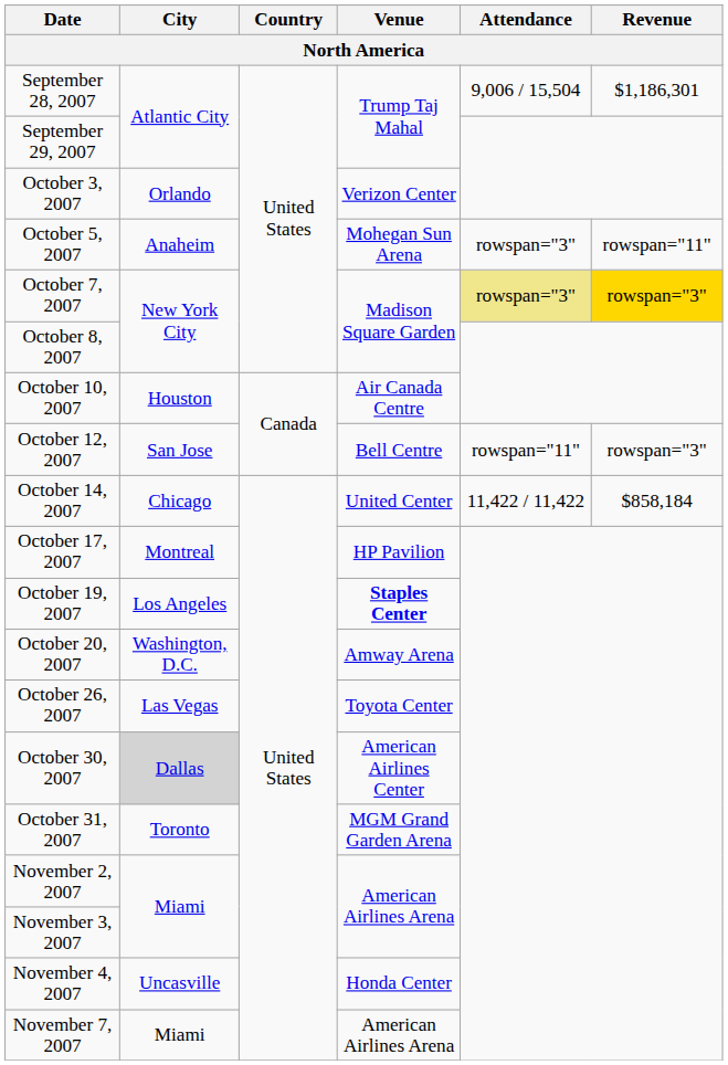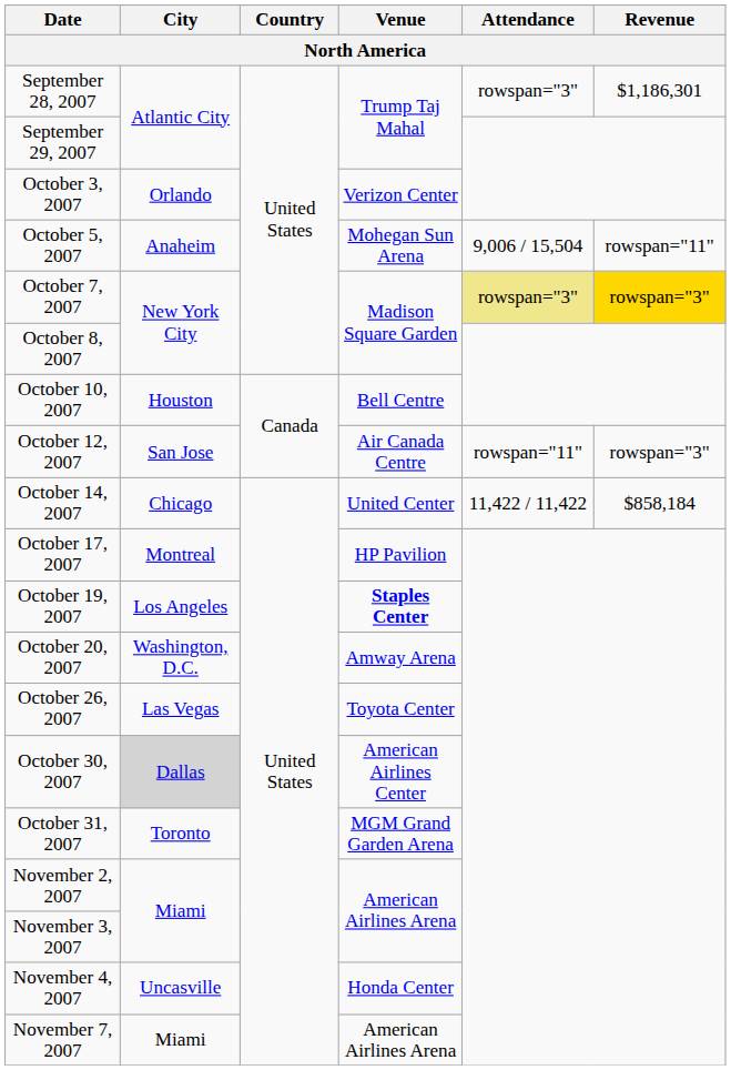 <table class="wikitable" style="text-align:center;">
 <tr>
 <th scope="col" style="width:12em;">Date</th>
 <th scope="col" style="width:10em;">City</th>
 <th scope="col" style="width:10em;">Country</th>
 <th scope="col" style="width:16em;">Venue</th>
 <th scope="col" style="width:10em;">Attendance</th>
 <th scope="col" style="width:10em;">Revenue</th>
 </tr>
 <tr>
 <th colspan="6">North America</th>
 </tr>
 <tr>
 <td>September 28, 2007</td>
 <td rowspan="2"><a href='#'>Atlantic City</a></td>
 <td rowspan="6">United States</td>
 <td rowspan="2"><a href='#'>Trump Taj Mahal</a></td>
-<td>9,006 / 15,504</td>
+<td>rowspan="3" </td>
 <td>$1,186,301</td>
 </tr>
 <tr>
 <td>September 29, 2007</td>
 </tr>
 <tr>
 <td>October 3, 2007</td>
 <td><a href='#'>Orlando</a></td>
 <td><a href='#'>Verizon Center</a></td>
 </tr>
 <tr>
 <td>October 5, 2007</td>
 <td><a href='#'>Anaheim</a></td>
 <td><a href='#'>Mohegan Sun Arena</a></td>
-<td>rowspan="3" </td>
+<td>9,006 / 15,504</td>
 <td>rowspan="11" </td>
 </tr>
 <tr>
 <td>October 7, 2007</td>
 <td rowspan="2"><a href='#'>New York City</a></td>
 <td rowspan="2"><a href='#'>Madison Square Garden</a></td>
 <td style="background: khaki;">rowspan="3" </td>
 <td style="background: gold;">rowspan="3" </td>
 </tr>
 <tr>
 <td>October 8, 2007</td>
 </tr>
 <tr>
 <td>October 10, 2007</td>
 <td><a href='#'>Houston</a></td>
 <td rowspan="2">Canada</td>
-<td><a href='#'>Air Canada Centre</a></td>
+<td><a href='#'>Bell Centre</a></td>
 </tr>
 <tr>
 <td>October 12, 2007</td>
 <td><a href='#'>San Jose</a></td>
-<td><a href='#'>Bell Centre</a></td>
+<td><a href='#'>Air Canada Centre</a></td>
 <td>rowspan="11" </td>
 <td>rowspan="3" </td>
 </tr>
 <tr>
 <td>October 14, 2007</td>
 <td><a href='#'>Chicago</a></td>
 <td rowspan="11">United States</td>
 <td><a href='#'>United Center</a></td>
 <td>11,422 / 11,422</td>
 <td>$858,184</td>
 </tr>
 <tr>
 <td>October 17, 2007</td>
 <td><a href='#'>Montreal</a></td>
 <td><a href='#'>HP Pavilion</a></td>
 </tr>
 <tr>
 <td>October 19, 2007</td>
 <td><a href='#'>Los Angeles</a></td>
 <td><strong><a href='#'>Staples Center</a></strong></td>
 </tr>
 <tr>
 <td>October 20, 2007</td>
 <td><a href='#'>Washington, D.C.</a></td>
 <td><a href='#'>Amway Arena</a></td>
 </tr>
 <tr>
 <td>October 26, 2007</td>
 <td><a href='#'>Las Vegas</a></td>
 <td><a href='#'>Toyota Center</a></td>
 </tr>
 <tr>
 <td>October 30, 2007</td>
 <td style="background: lightgrey;"><a href='#'>Dallas</a></td>
 <td><a href='#'>American Airlines Center</a></td>
 </tr>
 <tr>
 <td>October 31, 2007</td>
 <td><a href='#'>Toronto</a></td>
 <td><a href='#'>MGM Grand Garden Arena</a></td>
 </tr>
 <tr>
 <td>November 2, 2007</td>
 <td rowspan="2"><a href='#'>Miami</a></td>
 <td rowspan="2"><a href='#'>American Airlines Arena</a></td>
 </tr>
 <tr>
 <td>November 3, 2007</td>
 </tr>
 <tr>
 <td>November 4, 2007</td>
 <td><a href='#'>Uncasville</a></td>
 <td><a href='#'>Honda Center</a></td>
 </tr>
 <tr>
 <td>November 7, 2007</td>
 <td>Miami</td>
 <td>American Airlines Arena</td>
 </tr>
 <tr>
 </tr>
 </table>
